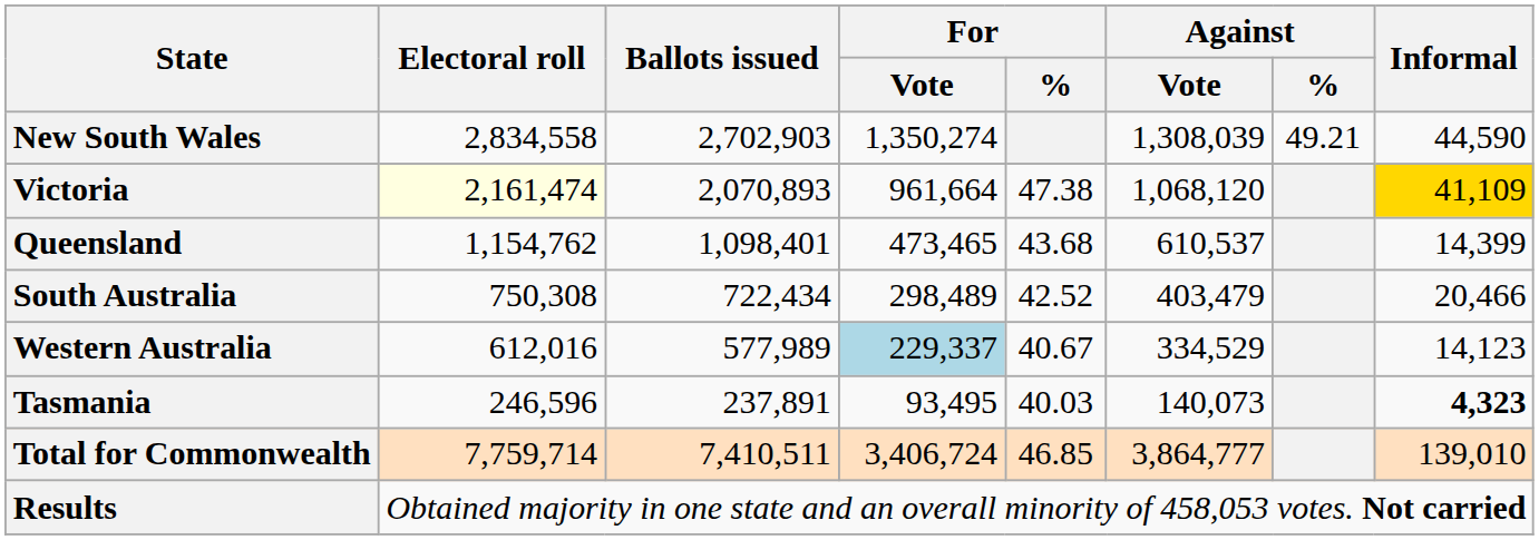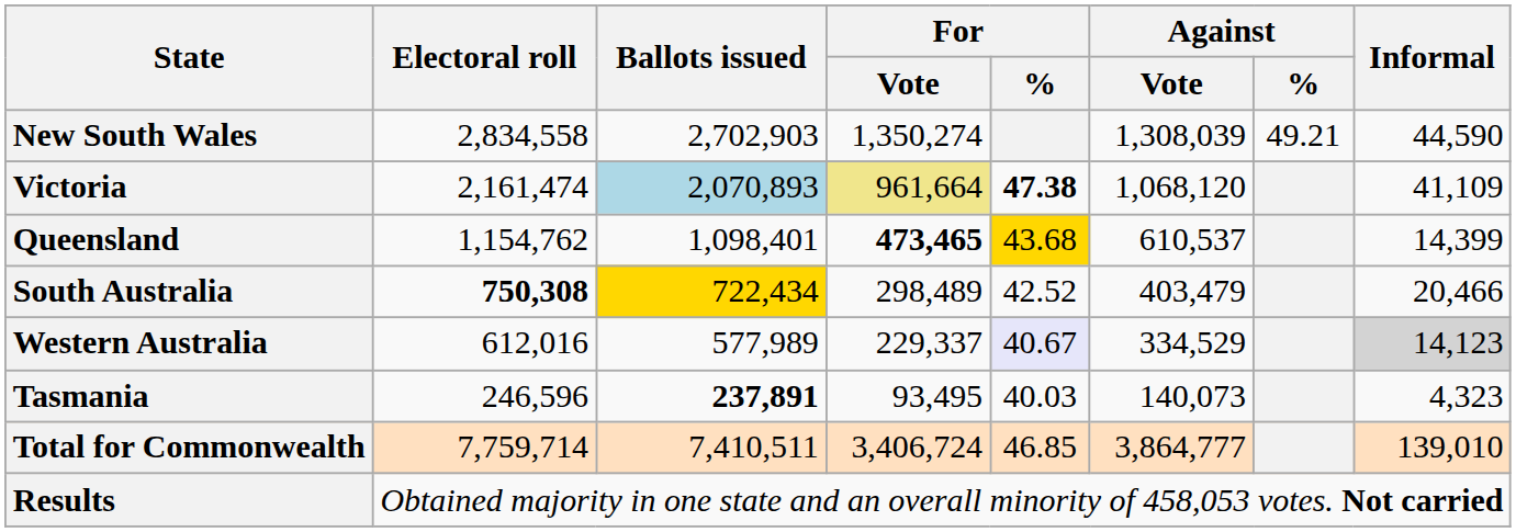 <table class="wikitable">
 <tr align=center>
 <th rowspan="2">State</th>
 <th rowspan="2">Electoral roll</th>
 <th rowspan="2">Ballots issued</th>
 <th align=center colspan="2">For</th>
 <th align=center colspan="2">Against</th>
 <th align=center rowspan="2">Informal</th>
 </tr>
 <tr>
 <th align=center>Vote</th>
 <th align=center>%</th>
 <th align=center>Vote</th>
 <th align=center>%</th>
 </tr>
 <tr align="right">
 <th style="text-align:left;">New South Wales</th>
 <td>2,834,558</td>
 <td>2,702,903</td>
 <td>1,350,274</td>
 <th></th>
 <td>1,308,039</td>
 <td align="center">49.21</td>
 <td>44,590</td>
 </tr>
 <tr align="right">
 <th style="text-align:left;">Victoria</th>
-<td style="background: lightyellow;">2,161,474</td>
-<td>2,070,893</td>
-<td>961,664</td>
-<td align="center">47.38</td>
+<td>2,161,474</td>
+<td style="background: lightblue;">2,070,893</td>
+<td style="background: khaki;">961,664</td>
+<td align="center"><strong>47.38</strong></td>
 <td>1,068,120</td>
 <th></th>
-<td style="background: gold;">41,109</td>
+<td>41,109</td>
 </tr>
 <tr align="right">
 <th style="text-align:left;">Queensland</th>
 <td>1,154,762</td>
 <td>1,098,401</td>
-<td>473,465</td>
-<td align="center">43.68</td>
+<td><strong>473,465</strong></td>
+<td align="center" style="background: gold;">43.68</td>
 <td>610,537</td>
 <th></th>
 <td>14,399</td>
 </tr>
 <tr align="right">
 <th style="text-align:left;">South Australia</th>
-<td>750,308</td>
-<td>722,434</td>
+<td><strong>750,308</strong></td>
+<td style="background: gold;">722,434</td>
 <td>298,489</td>
 <td align="center">42.52</td>
 <td>403,479</td>
 <th></th>
 <td>20,466</td>
 </tr>
 <tr align="right">
 <th style="text-align:left;">Western Australia</th>
 <td>612,016</td>
 <td>577,989</td>
-<td style="background: lightblue;">229,337</td>
-<td align="center">40.67</td>
+<td>229,337</td>
+<td align="center" style="background: lavender;">40.67</td>
 <td>334,529</td>
 <th></th>
-<td>14,123</td>
+<td style="background: lightgrey;">14,123</td>
 </tr>
 <tr align="right">
 <th style="text-align:left;">Tasmania</th>
 <td>246,596</td>
-<td>237,891</td>
+<td><strong>237,891</strong></td>
 <td>93,495</td>
 <td align="center">40.03</td>
 <td>140,073</td>
 <th></th>
-<td><strong>4,323</strong></td>
+<td>4,323</td>
 </tr>
 <tr bgcolor="#FFE0C0" align="right">
 <th style="text-align:left">Total for Commonwealth</th>
 <td>7,759,714</td>
 <td>7,410,511</td>
 <td>3,406,724</td>
 <td align="center">46.85</td>
 <td>3,864,777</td>
 <th></th>
 <td>139,010</td>
 </tr>
 <tr>
 <th style="text-align:left;">Results</th>
 <td colSpan="8"><em>Obtained majority in one state and an overall minority of 458,053 votes.</em> <strong>Not carried</strong></td>
 </tr>
 </table>
